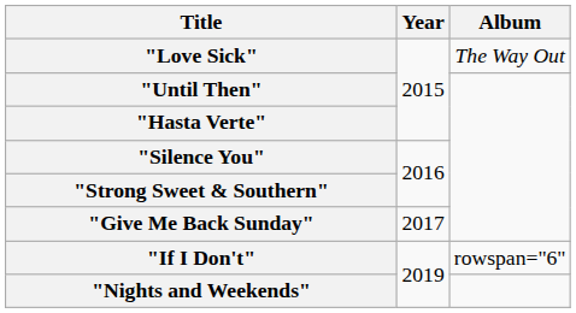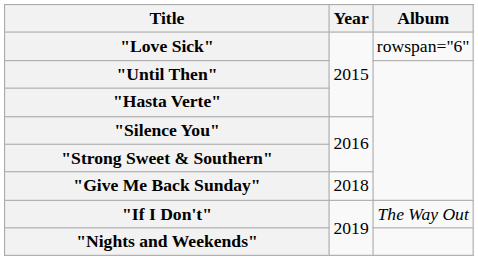 <table class="wikitable plainrowheaders" style="text-align:center;">
 <tr>
 <th scope="col" style="width:18em;">Title</th>
 <th scope="col" style="width:1em;">Year</th>
 <th scope="col">Album</th>
 </tr>
 <tr>
 <th scope="row">"Love Sick"</th>
 <td rowspan="3">2015</td>
-<td><em>The Way Out</em></td>
+<td>rowspan="6" </td>
 </tr>
 <tr>
 <th scope="row">"Until Then"</th>
 </tr>
 <tr>
 <th scope="row">"Hasta Verte"</th>
 </tr>
 <tr>
 <th scope="row">"Silence You"</th>
 <td rowspan="2">2016</td>
 </tr>
 <tr>
 <th scope="row">"Strong Sweet & Southern"</th>
 </tr>
 <tr>
 <th scope="row">"Give Me Back Sunday"</th>
-<td>2017</td>
+<td>2018</td>
 </tr>
 <tr>
 <th scope="row">"If I Don't"</th>
 <td rowspan="2">2019</td>
-<td>rowspan="6" </td>
+<td><em>The Way Out</em></td>
 </tr>
 <tr>
 <th scope="row">"Nights and Weekends"</th>
 <td></td>
 </tr>
 </table>
